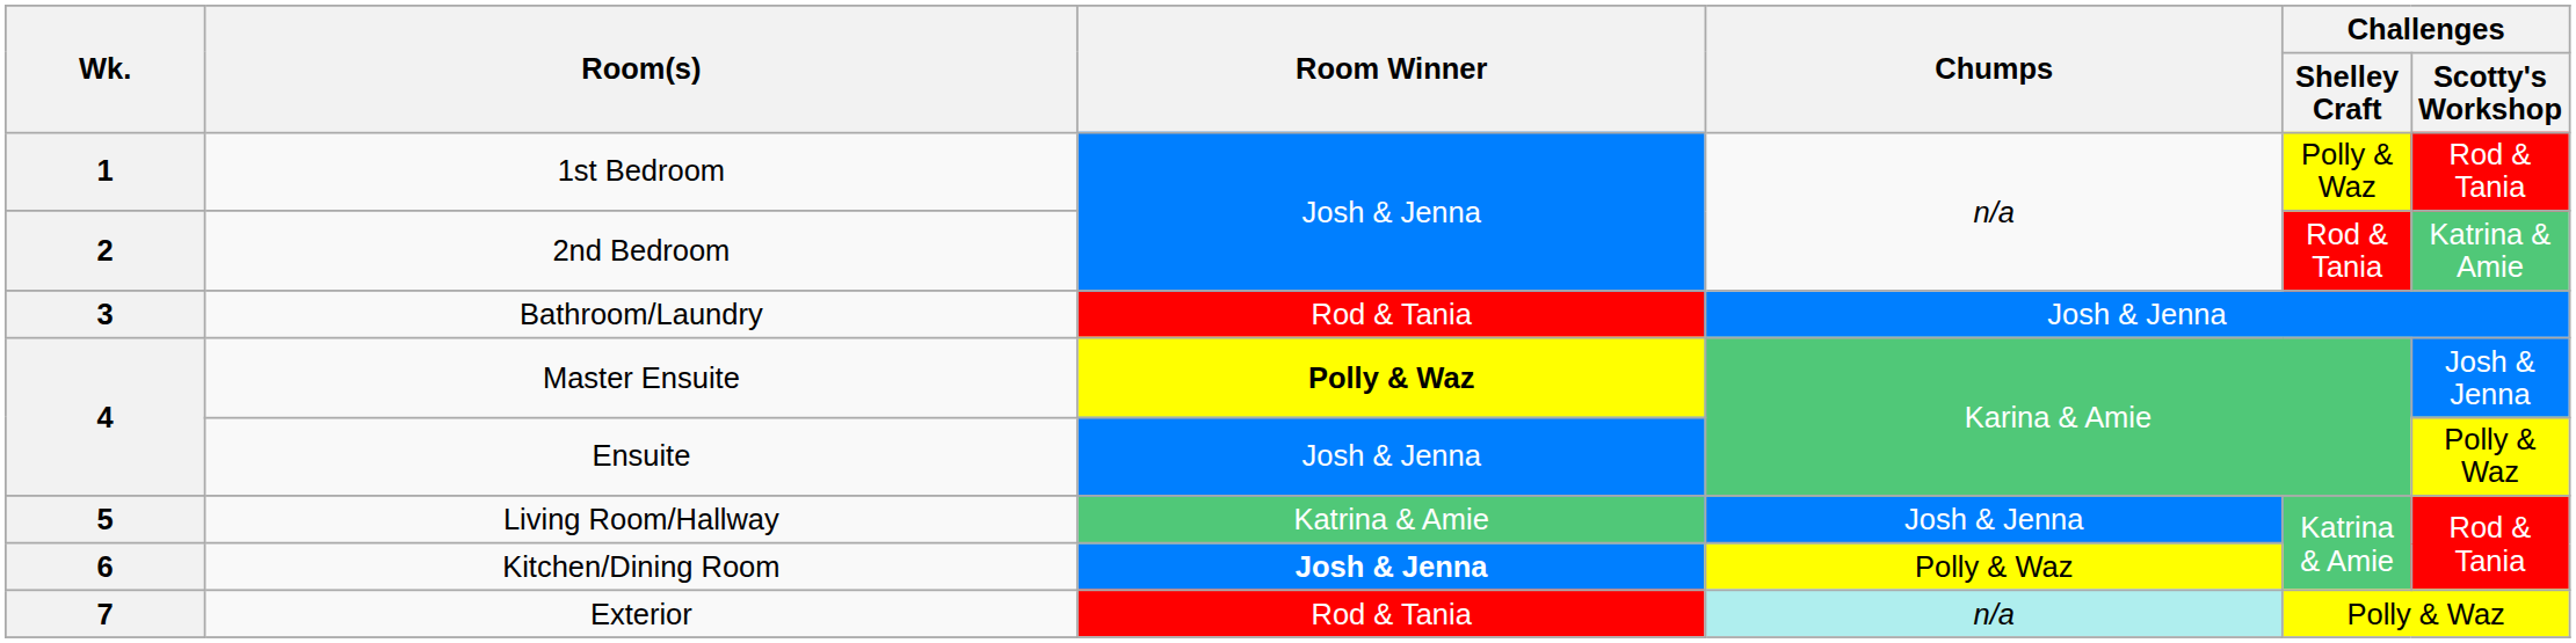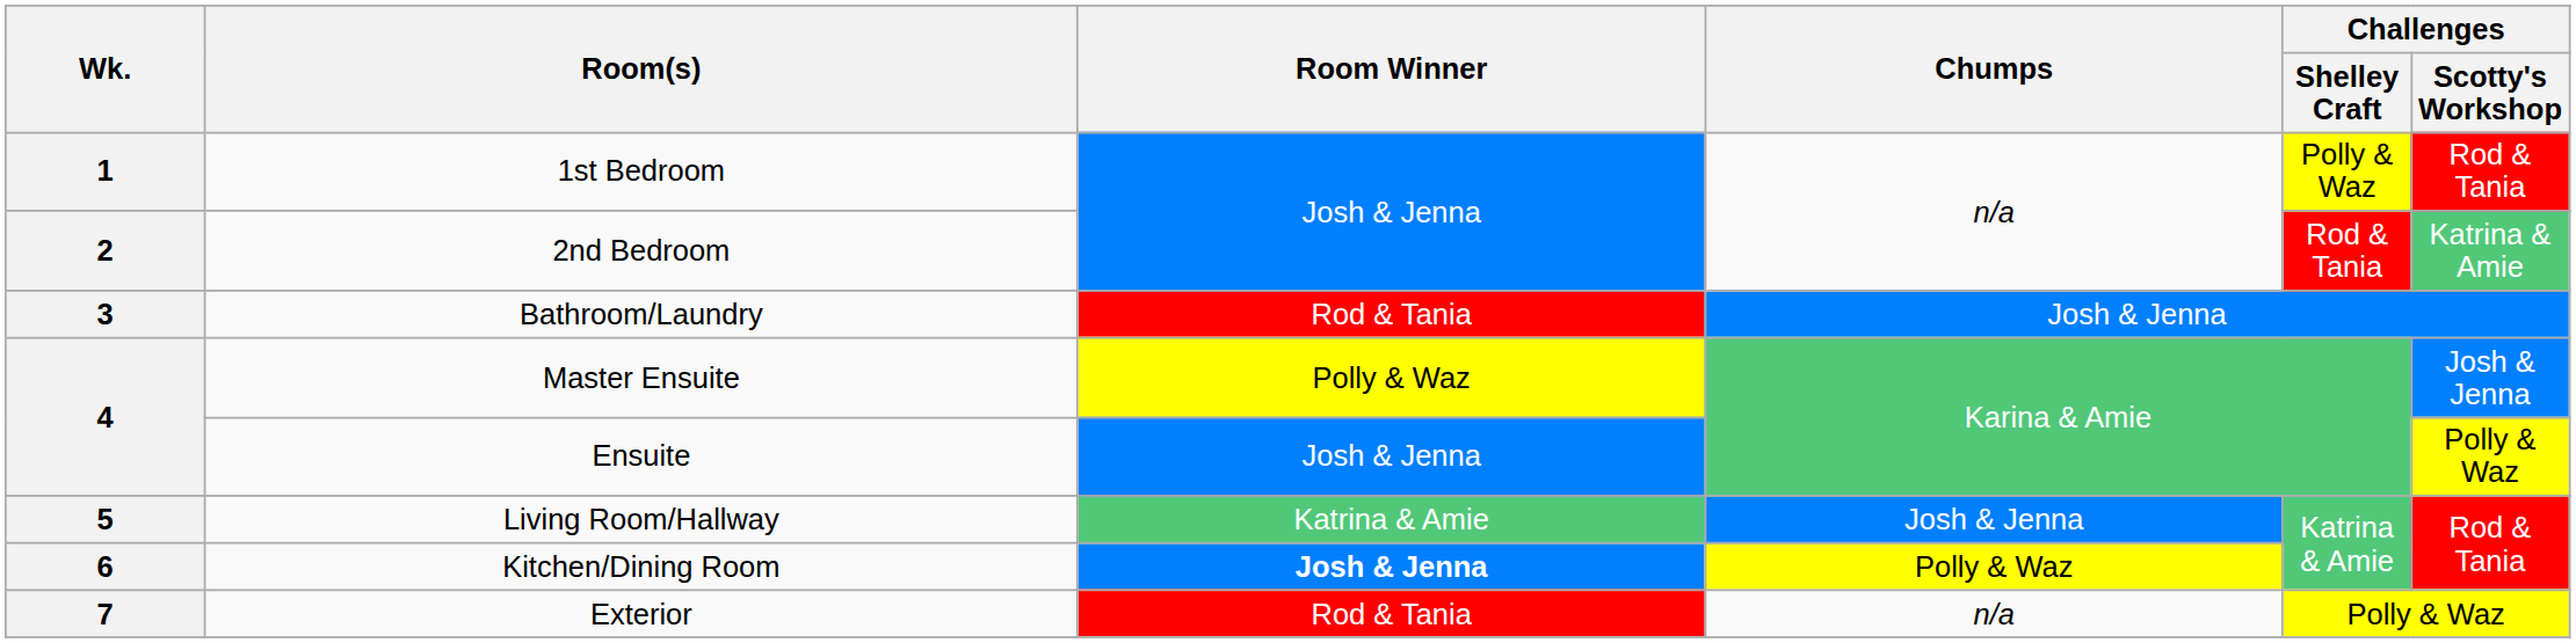 <table class="wikitable" style="text-align:center; font-size:90%;">
 <tr>
 <th rowspan="2">Wk.</th>
 <th rowspan="2">Room(s)</th>
 <th rowspan="2">Room Winner</th>
 <th rowspan="2">Chumps</th>
 <th colspan="2">Challenges</th>
 </tr>
 <tr>
 <th style="width:5%;">Shelley Craft</th>
 <th style="width:5%;">Scotty's Workshop</th>
 </tr>
 <tr>
 <th>1</th>
 <td>1st Bedroom</td>
 <td rowspan="2" bgcolor="007FFF" style="color:white;">Josh & Jenna</td>
 <td rowspan=2><span><em>n/a</em></span></td>
 <td bgcolor="FFFF00">Polly & Waz</td>
 <td bgcolor="red" style="color:white;">Rod & Tania</td>
 </tr>
 <tr>
 <th>2</th>
 <td>2nd Bedroom</td>
 <td bgcolor="red" style="color:white;">Rod & Tania</td>
 <td bgcolor="50C878" style="color:white;">Katrina & Amie</td>
 </tr>
 <tr>
 <th>3</th>
 <td>Bathroom/Laundry</td>
 <td bgcolor="red" style="color:white;">Rod & Tania</td>
 <td colspan="3" bgcolor="007FFF" style="color:white;">Josh & Jenna</td>
 </tr>
 <tr>
 <th rowspan="2">4</th>
 <td>Master Ensuite</td>
-<td bgcolor="FFFF00"><strong>Polly & Waz</strong></td>
+<td bgcolor="FFFF00">Polly & Waz</td>
 <td rowspan="2" colspan="2" bgcolor="50C878" style="color:white;">Karina & Amie</td>
 <td bgcolor="007FFF" style="color:white;">Josh & Jenna</td>
 </tr>
 <tr>
 <td>Ensuite</td>
 <td bgcolor="007FFF" style="color:white;">Josh & Jenna</td>
 <td bgcolor="FFFF00">Polly & Waz</td>
 </tr>
 <tr>
 <th>5</th>
 <td>Living Room/Hallway</td>
 <td bgcolor="50C878" style="color:white;">Katrina & Amie</td>
 <td bgcolor="007FFF" style="color:white;">Josh & Jenna</td>
 <td rowspan="2" bgcolor="50C878" style="color:white;">Katrina & Amie</td>
 <td rowspan="2" bgcolor="red" style="color:white;">Rod & Tania</td>
 </tr>
 <tr>
 <th>6</th>
 <td>Kitchen/Dining Room</td>
 <td bgcolor="007FFF" style="color:white;"><strong>Josh & Jenna</strong></td>
 <td bgcolor="FFFF00">Polly & Waz</td>
 </tr>
 <tr>
 <th>7</th>
 <td>Exterior</td>
 <td bgcolor="red" style="color:white;">Rod & Tania</td>
-<td style="background: paleturquoise;"><span><em>n/a</em></span></td>
+<td><span><em>n/a</em></span></td>
 <td colspan="2" bgcolor="FFFF00">Polly & Waz</td>
 </tr>
 </table>
